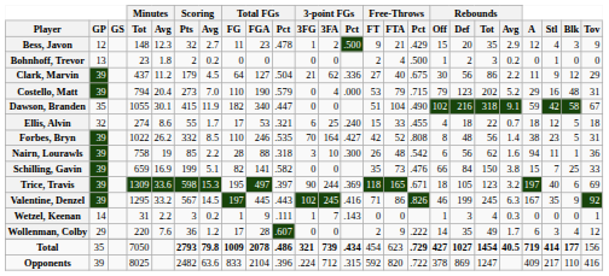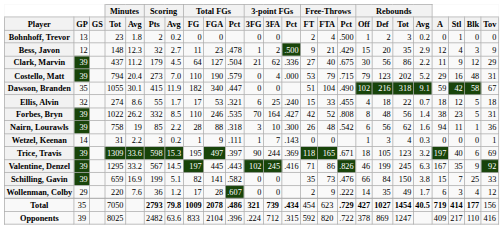 <table class="wikitable sortable" border="1" style="font-size:70%;">
 <tr>
 <th colspan="3" style="border-top-style:hidden; border-left-style:hidden; background: white;"></th>
 <th colspan="2" style=>Minutes</th>
 <th colspan="2" style=>Scoring</th>
 <th colspan="3" style=>Total FGs</th>
 <th colspan="3" style=>3-point FGs</th>
 <th colspan="3" style=>Free-Throws</th>
 <th colspan="4" style=>Rebounds</th>
 <th colspan="4" style="border-top-style:hidden; border-right-style:hidden; background: white;"></th>
 </tr>
 <tr>
 <th scope="col" style=>Player</th>
 <th scope="col" style=>GP</th>
 <th scope="col" style=>GS</th>
 <th scope="col" style=>Tot</th>
 <th scope="col" style=>Avg</th>
 <th scope="col" style=>Pts</th>
 <th scope="col" style=>Avg</th>
 <th scope="col" style=>FG</th>
 <th scope="col" style=>FGA</th>
 <th scope="col" style=>Pct</th>
 <th scope="col" style=>3FG</th>
 <th scope="col" style=>3FA</th>
 <th scope="col" style=>Pct</th>
 <th scope="col" style=>FT</th>
 <th scope="col" style=>FTA</th>
 <th scope="col" style=>Pct</th>
 <th scope="col" style=>Off</th>
 <th scope="col" style=>Def</th>
 <th scope="col" style=>Tot</th>
 <th scope="col" style=>Avg</th>
 <th scope="col" style=>A</th>
 <th scope="col" style=>Stl</th>
 <th scope="col" style=>Blk</th>
 <th scope="col" style=>Tov</th>
 </tr>
 <tr>
+<th style=white-space:nowrap>Bohnhoff, Trevor</th>
+<td align="right">13</td>
+<td align="right"></td>
+<td align="right">23</td>
+<td align="right">1.8</td>
+<td align="right">2</td>
+<td align="right">0.2</td>
+<td align="right">0</td>
+<td align="right">0</td>
+<td align="right"></td>
+<td align="right">0</td>
+<td align="right">0</td>
+<td align="right"></td>
+<td align="right">2</td>
+<td align="right">4</td>
+<td align="right">.500</td>
+<td align="right">1</td>
+<td align="right">2</td>
+<td align="right">3</td>
+<td align="right">0.2</td>
+<td align="right">0</td>
+<td align="right">1</td>
+<td align="right">0</td>
+<td align="right">0</td>
+</tr>
+<tr>
 <th style=white-space:nowrap>Bess, Javon</th>
 <td align="right">12</td>
 <td align="right"></td>
 <td align="right">148</td>
 <td align="right">12.3</td>
 <td align="right">32</td>
 <td align="right">2.7</td>
 <td align="right">11</td>
 <td align="right">23</td>
 <td align="right">.478</td>
 <td align="right">1</td>
 <td align="right">2</td>
 <td align="right" style="background:#18440a; color:#ffffff;">.500</td>
 <td align="right">9</td>
 <td align="right">21</td>
 <td align="right">.429</td>
 <td align="right">15</td>
 <td align="right">20</td>
 <td align="right">35</td>
 <td align="right">2.9</td>
 <td align="right">12</td>
 <td align="right">4</td>
 <td align="right">3</td>
 <td align="right">9</td>
-</tr>
-<tr>
-<th style=white-space:nowrap>Bohnhoff, Trevor</th>
-<td align="right">13</td>
-<td align="right"></td>
-<td align="right">23</td>
-<td align="right">1.8</td>
-<td align="right">2</td>
-<td align="right">0.2</td>
-<td align="right">0</td>
-<td align="right">0</td>
-<td align="right"></td>
-<td align="right">0</td>
-<td align="right">0</td>
-<td align="right"></td>
-<td align="right">2</td>
-<td align="right">4</td>
-<td align="right">.500</td>
-<td align="right">1</td>
-<td align="right">2</td>
-<td align="right">3</td>
-<td align="right">0.2</td>
-<td align="right">0</td>
-<td align="right">1</td>
-<td align="right">0</td>
-<td align="right">0</td>
 </tr>
 <tr>
 <th style=white-space:nowrap>Clark, Marvin</th>
 <td align="right" style="background:#18440a; color:#ffffff;">39</td>
 <td align="right"></td>
 <td align="right">437</td>
 <td align="right">11.2</td>
 <td align="right">179</td>
 <td align="right">4.5</td>
 <td align="right">64</td>
 <td align="right">127</td>
 <td align="right">.504</td>
 <td align="right">21</td>
 <td align="right">62</td>
 <td align="right">.336</td>
 <td align="right">27</td>
 <td align="right">40</td>
 <td align="right">.675</td>
 <td align="right">30</td>
 <td align="right">56</td>
 <td align="right">86</td>
 <td align="right">2.2</td>
 <td align="right">11</td>
 <td align="right">9</td>
 <td align="right">12</td>
 <td align="right">29</td>
 </tr>
 <tr>
 <th style=white-space:nowrap>Costello, Matt</th>
 <td align="right" style="background:#18440a; color:#ffffff;">39</td>
 <td align="right"></td>
 <td align="right">794</td>
 <td align="right">20.4</td>
 <td align="right">273</td>
 <td align="right">7.0</td>
 <td align="right">110</td>
 <td align="right">190</td>
 <td align="right">.579</td>
 <td align="right">0</td>
 <td align="right">4</td>
 <td align="right">.000</td>
 <td align="right">53</td>
 <td align="right">79</td>
 <td align="right">.715</td>
 <td align="right">79</td>
 <td align="right">123</td>
 <td align="right">202</td>
 <td align="right">5.2</td>
 <td align="right">29</td>
 <td align="right">16</td>
 <td align="right">48</td>
 <td align="right">31</td>
 </tr>
 <tr>
 <th style=white-space:nowrap>Dawson, Branden</th>
 <td align="right">35</td>
 <td align="right"></td>
 <td align="right">1055</td>
 <td align="right">30.1</td>
 <td align="right">415</td>
 <td align="right">11.9</td>
 <td align="right">182</td>
 <td align="right">340</td>
 <td align="right">.447</td>
 <td align="right">0</td>
 <td align="right">0</td>
 <td align="right"></td>
 <td align="right">51</td>
 <td align="right">104</td>
 <td align="right">.490</td>
 <td align="right" style="background:#18440a; color:#ffffff;">102</td>
 <td align="right" style="background:#18440a; color:#ffffff;">216</td>
 <td align="right" style="background:#18440a; color:#ffffff;">318</td>
 <td align="right" style="background:#18440a; color:#ffffff;">9.1</td>
 <td align="right">59</td>
 <td align="right" style="background:#18440a; color:#ffffff;">42</td>
 <td align="right" style="background:#18440a; color:#ffffff;">58</td>
 <td align="right">67</td>
 </tr>
 <tr>
 <th style=white-space:nowrap>Ellis, Alvin</th>
 <td align="right">32</td>
 <td align="right"></td>
 <td align="right">274</td>
 <td align="right">8.6</td>
 <td align="right">55</td>
 <td align="right">1.7</td>
 <td align="right">17</td>
 <td align="right">53</td>
 <td align="right">.321</td>
 <td align="right">6</td>
 <td align="right">25</td>
 <td align="right">.240</td>
 <td align="right">15</td>
 <td align="right">33</td>
 <td align="right">.455</td>
 <td align="right">4</td>
 <td align="right">18</td>
 <td align="right">22</td>
 <td align="right">0.7</td>
 <td align="right">18</td>
 <td align="right">12</td>
 <td align="right">5</td>
 <td align="right">18</td>
 </tr>
 <tr>
 <th style=white-space:nowrap>Forbes, Bryn</th>
 <td align="right" style="background:#18440a; color:#ffffff;">39</td>
 <td align="right"></td>
 <td align="right">1022</td>
 <td align="right">26.2</td>
 <td align="right">332</td>
 <td align="right">8.5</td>
 <td align="right">110</td>
 <td align="right">246</td>
 <td align="right">.535</td>
 <td align="right">70</td>
 <td align="right">164</td>
 <td align="right">.427</td>
 <td align="right">42</td>
 <td align="right">52</td>
 <td align="right">.808</td>
 <td align="right">8</td>
 <td align="right">48</td>
 <td align="right">56</td>
 <td align="right">1.4</td>
 <td align="right">38</td>
 <td align="right">23</td>
 <td align="right">5</td>
 <td align="right">31</td>
 </tr>
 <tr>
 <th style=white-space:nowrap>Nairn, Lourawls</th>
 <td align="right" style="background:#18440a; color:#ffffff;">39</td>
 <td align="right"></td>
 <td align="right">758</td>
 <td align="right">19</td>
 <td align="right">85</td>
 <td align="right">2.2</td>
 <td align="right">28</td>
 <td align="right">88</td>
 <td align="right">.318</td>
 <td align="right">3</td>
 <td align="right">10</td>
 <td align="right">.300</td>
 <td align="right">26</td>
 <td align="right">48</td>
 <td align="right">.542</td>
 <td align="right">6</td>
 <td align="right">56</td>
 <td align="right">62</td>
 <td align="right">1.6</td>
 <td align="right">94</td>
 <td align="right">11</td>
 <td align="right">1</td>
 <td align="right">36</td>
 </tr>
 <tr>
-<th style=white-space:nowrap>Schilling, Gavin</th>
-<td align="right" style="background:#18440a; color:#ffffff;">39</td>
+<th style=white-space:nowrap>Wetzel, Keenan</th>
+<td align="right">14</td>
 <td align="right"></td>
-<td align="right">659</td>
-<td align="right">16.9</td>
-<td align="right">199</td>
-<td align="right">5.1</td>
-<td align="right">82</td>
-<td align="right">141</td>
-<td align="right">.582</td>
+<td align="right">31</td>
+<td align="right">2.2</td>
+<td align="right">3</td>
+<td align="right">0.2</td>
+<td align="right">1</td>
+<td align="right">9</td>
+<td align="right">.111</td>
+<td align="right">1</td>
+<td align="right">7</td>
+<td align="right">.143</td>
 <td align="right">0</td>
 <td align="right">0</td>
 <td align="right"></td>
-<td align="right">35</td>
-<td align="right">73</td>
-<td align="right">.476</td>
-<td align="right">66</td>
-<td align="right">84</td>
-<td align="right">150</td>
-<td align="right">3.8</td>
-<td align="right">15</td>
-<td align="right">7</td>
-<td align="right">25</td>
-<td align="right">33</td>
+<td align="right">1</td>
+<td align="right">3</td>
+<td align="right">4</td>
+<td align="right">0.3</td>
+<td align="right">0</td>
+<td align="right">0</td>
+<td align="right">0</td>
+<td align="right">1</td>
 </tr>
 <tr>
 <th style=white-space:nowrap>Trice, Travis</th>
 <td align="right" style="background:#18440a; color:#ffffff;">39</td>
 <td align="right"></td>
 <td align="right" style="background:#18440a; color:#ffffff;">1309</td>
 <td align="right" style="background:#18440a; color:#ffffff;">33.6</td>
 <td align="right" style="background:#18440a; color:#ffffff;">598</td>
 <td align="right" style="background:#18440a; color:#ffffff;">15.3</td>
 <td align="right">195</td>
 <td align="right" style="background:#18440a; color:#ffffff;">497</td>
 <td align="right">.397</td>
 <td align="right">90</td>
 <td align="right">244</td>
 <td align="right">.369</td>
 <td align="right"  style="background:#18440a; color:#ffffff;">118</td>
 <td align="right"  style="background:#18440a; color:#ffffff;">165</td>
 <td align="right">.671</td>
 <td align="right">18</td>
 <td align="right">105</td>
 <td align="right">123</td>
 <td align="right">3.2</td>
 <td align="right" style="background:#18440a; color:#ffffff;">197</td>
 <td align="right">40</td>
 <td align="right">6</td>
 <td align="right">69</td>
 </tr>
 <tr>
 <th style=white-space:nowrap>Valentine, Denzel</th>
 <td align="right" style="background:#18440a; color:#ffffff;">39</td>
 <td align="right"></td>
 <td align="right">1295</td>
 <td align="right">33.2</td>
 <td align="right">567</td>
 <td align="right">14.5</td>
 <td align="right" style="background:#18440a; color:#ffffff;">197</td>
 <td align="right">445</td>
 <td align="right">.443</td>
 <td align="right" style="background:#18440a; color:#ffffff;">102</td>
 <td align="right" style="background:#18440a; color:#ffffff;">245</td>
 <td align="right">.416</td>
 <td align="right">71</td>
 <td align="right">86</td>
 <td align="right" style="background:#18440a; color:#ffffff;">.826</td>
 <td align="right">46</td>
 <td align="right">199</td>
 <td align="right">245</td>
 <td align="right">6.3</td>
 <td align="right">167</td>
 <td align="right">35</td>
 <td align="right">9</td>
 <td align="right" style="background:#18440a; color:#ffffff;">92</td>
 </tr>
 <tr>
-<th style=white-space:nowrap>Wetzel, Keenan</th>
-<td align="right">14</td>
+<th style=white-space:nowrap>Schilling, Gavin</th>
+<td align="right" style="background:#18440a; color:#ffffff;">39</td>
 <td align="right"></td>
-<td align="right">31</td>
-<td align="right">2.2</td>
-<td align="right">3</td>
-<td align="right">0.2</td>
-<td align="right">1</td>
-<td align="right">9</td>
-<td align="right">.111</td>
-<td align="right">1</td>
-<td align="right">7</td>
-<td align="right">.143</td>
+<td align="right">659</td>
+<td align="right">16.9</td>
+<td align="right">199</td>
+<td align="right">5.1</td>
+<td align="right">82</td>
+<td align="right">141</td>
+<td align="right">.582</td>
 <td align="right">0</td>
 <td align="right">0</td>
 <td align="right"></td>
-<td align="right">1</td>
-<td align="right">3</td>
-<td align="right">4</td>
-<td align="right">0.3</td>
-<td align="right">0</td>
-<td align="right">0</td>
-<td align="right">0</td>
-<td align="right">1</td>
+<td align="right">35</td>
+<td align="right">73</td>
+<td align="right">.476</td>
+<td align="right">66</td>
+<td align="right">84</td>
+<td align="right">150</td>
+<td align="right">3.8</td>
+<td align="right">15</td>
+<td align="right">7</td>
+<td align="right">25</td>
+<td align="right">33</td>
 </tr>
 <tr>
 <th style=white-space:nowrap>Wollenman, Colby</th>
 <td align="right">29</td>
 <td align="right"></td>
 <td align="right">220</td>
 <td align="right">7.6</td>
 <td align="right">36</td>
 <td align="right">1.2</td>
 <td align="right">17</td>
 <td align="right">28</td>
 <td align="right" style="background:#18440a; color:#ffffff;">.607</td>
 <td align="right">0</td>
 <td align="right">0</td>
 <td align="right"></td>
 <td align="right">2</td>
 <td align="right">9</td>
 <td align="right">.222</td>
 <td align="right">14</td>
 <td align="right">35</td>
 <td align="right">49</td>
 <td align="right">1.7</td>
 <td align="right">6</td>
 <td align="right">3</td>
 <td align="right">4</td>
 <td align="right">12</td>
 </tr>
 <tr>
 </tr>
 <tr class="sortbottom">
 <td align="center" style="background:#"><strong>Total</strong></td>
 <td align="center" style="background:#">35</td>
 <td align="center" style="background:#"></td>
 <td align="center" style="background:#">7050</td>
 <td align="center" style="background:#"></td>
 <td align="center" style="background:#"><strong>2793</strong></td>
 <td align="center" style="background:#"><strong>79.8</strong></td>
 <td align="center" style="background:#"><strong>1009</strong></td>
 <td align="center" style="background:#"><strong>2078</strong></td>
 <td align="center" style="background:#"><strong>.486</strong></td>
 <td align="center" style="background:#"><strong>321</strong></td>
 <td align="center" style="background:#"><strong>739</strong></td>
 <td align="center" style="background:#"><strong>.434</strong></td>
 <td align="center" style="background:#">454</td>
 <td align="center" style="background:#">623</td>
 <td align="center" style="background:#"><strong>.729</strong></td>
 <td align="center" style="background:#"><strong>427</strong></td>
 <td align="center" style="background:#"><strong>1027</strong></td>
 <td align="center" style="background:#"><strong>1454</strong></td>
 <td align="center" style="background:#"><strong>40.5</strong></td>
 <td align="center" style="background:#"><strong>719</strong></td>
 <td align="center" style="background:#"><strong>414</strong></td>
 <td align="center" style="background:#"><strong>177</strong></td>
 <td align="center" style="background:#">156</td>
 </tr>
 <tr class="sortbottom">
 <td align="center"><strong>Opponents</strong></td>
 <td align="center">39</td>
 <td align="center"></td>
 <td align="center">8025</td>
 <td align="center"></td>
 <td align="center">2482</td>
 <td align="center">63.6</td>
 <td align="center">833</td>
 <td align="center">2104</td>
 <td align="center">.396</td>
 <td align="center">.224</td>
 <td align="center">712</td>
 <td align="center">.315</td>
 <td align="center">592</td>
 <td align="center">820</td>
 <td align="center">.722</td>
 <td align="center">378</td>
 <td align="center">869</td>
 <td align="center">1247</td>
 <td align="center"></td>
 <td align="center">409</td>
 <td align="center">217</td>
 <td align="center">110</td>
 <td align="center">416</td>
 </tr>
 </table>
